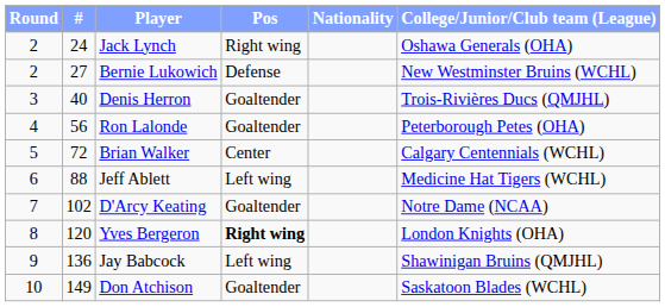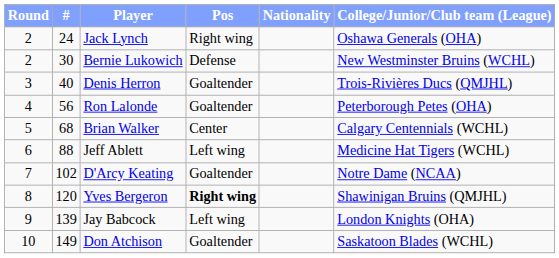 <table class="wikitable">
 <tr>
 <th style="color:white; background:#80A0FF; ">Round</th>
 <th style="color:white; background:#80A0FF; ">#</th>
 <th style="color:white; background:#80A0FF; ">Player</th>
 <th style="color:white; background:#80A0FF; ">Pos</th>
 <th style="color:white; background:#80A0FF; ">Nationality</th>
 <th style="color:white; background:#80A0FF; ">College/Junior/Club team (League)</th>
 </tr>
 <tr>
 <td style="text-align:center">2</td>
 <td style="text-align:center">24</td>
 <td><a href='#'>Jack Lynch</a></td>
 <td>Right wing</td>
 <td></td>
 <td><a href='#'>Oshawa Generals</a> (<a href='#'>OHA</a>)</td>
 </tr>
 <tr>
 <td style="text-align:center">2</td>
-<td style="text-align:center">27</td>
+<td style="text-align:center">30</td>
 <td><a href='#'>Bernie Lukowich</a></td>
 <td>Defense</td>
 <td></td>
 <td><a href='#'>New Westminster Bruins</a> (<a href='#'>WCHL</a>)</td>
 </tr>
 <tr>
 <td style="text-align:center">3</td>
 <td style="text-align:center">40</td>
 <td><a href='#'>Denis Herron</a></td>
 <td>Goaltender</td>
 <td></td>
 <td><a href='#'>Trois-Rivières Ducs</a> (<a href='#'>QMJHL</a>)</td>
 </tr>
 <tr>
 <td style="text-align:center">4</td>
 <td style="text-align:center">56</td>
 <td><a href='#'>Ron Lalonde</a></td>
 <td>Goaltender</td>
 <td></td>
 <td><a href='#'>Peterborough Petes</a> (<a href='#'>OHA</a>)</td>
 </tr>
 <tr>
 <td style="text-align:center">5</td>
-<td style="text-align:center">72</td>
+<td style="text-align:center">68</td>
 <td><a href='#'>Brian Walker</a></td>
 <td>Center</td>
 <td></td>
 <td><a href='#'>Calgary Centennials</a> (WCHL)</td>
 </tr>
 <tr>
 <td style="text-align:center">6</td>
 <td style="text-align:center">88</td>
 <td>Jeff Ablett</td>
 <td>Left wing</td>
 <td></td>
 <td><a href='#'>Medicine Hat Tigers</a> (WCHL)</td>
 </tr>
 <tr>
 <td style="text-align:center">7</td>
 <td style="text-align:center">102</td>
 <td><a href='#'>D'Arcy Keating</a></td>
 <td>Goaltender</td>
 <td></td>
 <td><a href='#'>Notre Dame</a> (<a href='#'>NCAA</a>)</td>
 </tr>
 <tr>
 <td style="text-align:center">8</td>
 <td style="text-align:center">120</td>
 <td><a href='#'>Yves Bergeron</a></td>
 <td><strong>Right wing</strong></td>
 <td></td>
-<td><a href='#'>London Knights</a> (OHA)</td>
+<td><a href='#'>Shawinigan Bruins</a> (QMJHL)</td>
 </tr>
 <tr>
 <td style="text-align:center">9</td>
-<td style="text-align:center">136</td>
+<td style="text-align:center">139</td>
 <td>Jay Babcock</td>
 <td>Left wing</td>
 <td></td>
-<td><a href='#'>Shawinigan Bruins</a> (QMJHL)</td>
+<td><a href='#'>London Knights</a> (OHA)</td>
 </tr>
 <tr>
 <td style="text-align:center">10</td>
 <td style="text-align:center">149</td>
 <td><a href='#'>Don Atchison</a></td>
 <td>Goaltender</td>
 <td></td>
 <td><a href='#'>Saskatoon Blades</a> (WCHL)</td>
 </tr>
 </table>
